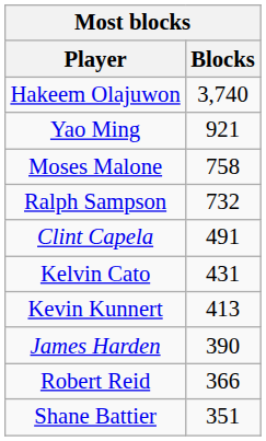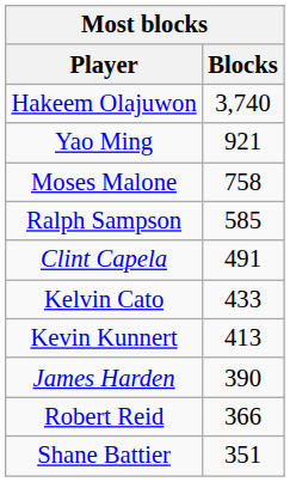 <table class="wikitable sortable" style="text-align:center">
 <tr>
 <th colspan="2" style="text-align:center; ">Most blocks</th>
 </tr>
 <tr>
 <th style="text-align:center; ">Player</th>
 <th style="text-align:center; ">Blocks</th>
 </tr>
 <tr>
 <td><a href='#'>Hakeem Olajuwon</a></td>
 <td>3,740</td>
 </tr>
 <tr>
 <td><a href='#'>Yao Ming</a></td>
 <td>921</td>
 </tr>
 <tr>
 <td><a href='#'>Moses Malone</a></td>
 <td>758</td>
 </tr>
 <tr>
 <td><a href='#'>Ralph Sampson</a></td>
-<td>732</td>
+<td>585</td>
 </tr>
 <tr>
 <td><em><a href='#'>Clint Capela</a></em></td>
 <td>491</td>
 </tr>
 <tr>
 <td><a href='#'>Kelvin Cato</a></td>
-<td>431</td>
+<td>433</td>
 </tr>
 <tr>
 <td><a href='#'>Kevin Kunnert</a></td>
 <td>413</td>
 </tr>
 <tr>
 <td><em><a href='#'>James Harden</a></em></td>
 <td>390</td>
 </tr>
 <tr>
 <td><a href='#'>Robert Reid</a></td>
 <td>366</td>
 </tr>
 <tr>
 <td><a href='#'>Shane Battier</a></td>
 <td>351</td>
 </tr>
 </table>
